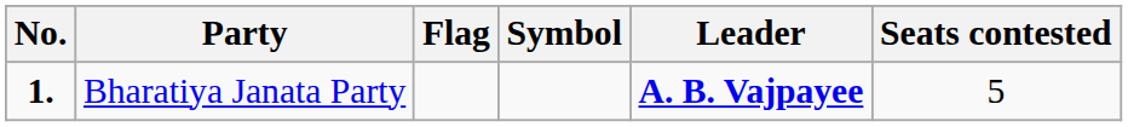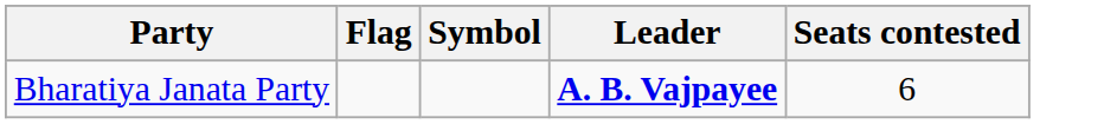 <table class="wikitable">
 <tr>
-<th>No.</th>
 <th>Party</th>
 <th>Flag</th>
 <th>Symbol</th>
 <th>Leader</th>
 <th>Seats contested</th>
 </tr>
 <tr>
-<td ! style="text-align:center; background:"><strong>1.</strong></td>
 <td style="text-align:center"><a href='#'>Bharatiya Janata Party</a></td>
 <td></td>
 <td></td>
 <td style="text-align:center"><strong><a href='#'>A. B. Vajpayee</a></strong></td>
-<td style="text-align:center">5</td>
+<td style="text-align:center">6</td>
 </tr>
 </table>
